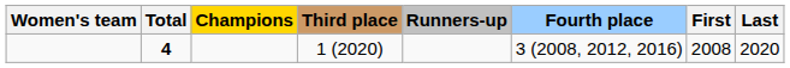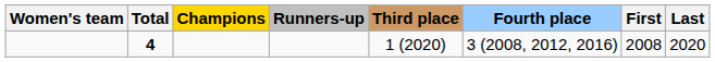 <table class="wikitable" style="text-align: center; font-size: 90%; margin-left: 1em;">
 <tr>
 <th>Women's team</th>
 <th>Total</th>
 <th style="background-color: gold;">Champions</th>
+<th style="background-color: silver;">Runners-up</th>
 <th style="background-color: #cc9966;">Third place</th>
-<th style="background-color: silver;">Runners-up</th>
 <th style="background-color: #9acdff;">Fourth place</th>
 <th>First</th>
 <th>Last</th>
 </tr>
 <tr>
 <td style="text-align: left;"></td>
 <td><strong>4</strong></td>
 <td></td>
+<td></td>
 <td>1 (2020)</td>
-<td></td>
 <td>3 (2008, 2012, 2016)</td>
 <td>2008</td>
 <td>2020</td>
 </tr>
 </table>
